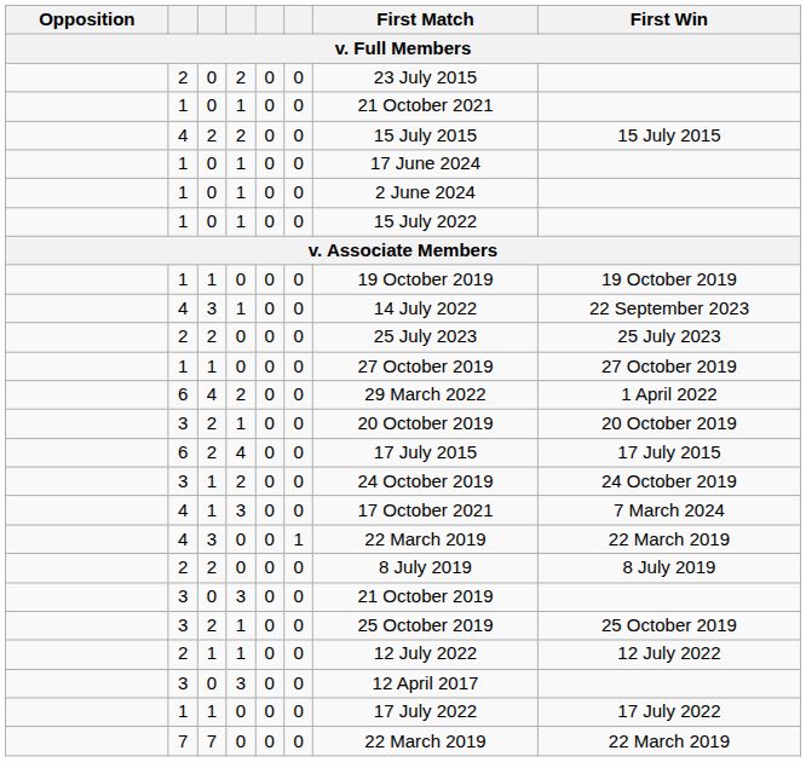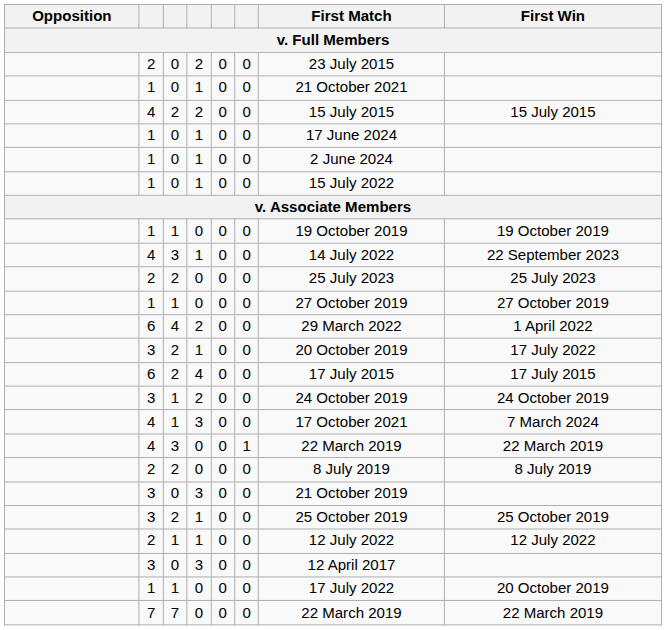 <table class="wikitable plainrowheaders sortable" style="text-align:center; font-size:100%; width: 700px;">
 <tr align="center">
 <th scope="col">Opposition</th>
 <th scope="col"></th>
 <th scope="col"></th>
 <th scope="col"></th>
 <th scope="col"></th>
 <th scope="col"></th>
 <th scope="col" class="unsortable">First Match</th>
 <th scope="col" class="unsortable">First Win</th>
 </tr>
 <tr class="unsortable">
 <th colspan="8" scope="col"><strong>v. Full Members</strong></th>
 </tr>
 <tr align="center">
 <td style="text-align:left;"></td>
 <td>2</td>
 <td>0</td>
 <td>2</td>
 <td>0</td>
 <td>0</td>
 <td>23 July 2015</td>
 <td></td>
 </tr>
 <tr>
 <td style="text-align:left;"></td>
 <td>1</td>
 <td>0</td>
 <td>1</td>
 <td>0</td>
 <td>0</td>
 <td>21 October 2021</td>
 <td></td>
 </tr>
 <tr>
 <td style="text-align:left;"></td>
 <td>4</td>
 <td>2</td>
 <td>2</td>
 <td>0</td>
 <td>0</td>
 <td>15 July 2015</td>
 <td>15 July 2015</td>
 </tr>
 <tr>
 <td style="text-align:left;"></td>
 <td>1</td>
 <td>0</td>
 <td>1</td>
 <td>0</td>
 <td>0</td>
 <td>17 June 2024</td>
 <td></td>
 </tr>
 <tr>
 <td style="text-align:left;"></td>
 <td>1</td>
 <td>0</td>
 <td>1</td>
 <td>0</td>
 <td>0</td>
 <td>2 June 2024</td>
 <td></td>
 </tr>
 <tr>
 <td style="text-align:left;"></td>
 <td>1</td>
 <td>0</td>
 <td>1</td>
 <td>0</td>
 <td>0</td>
 <td>15 July 2022</td>
 <td></td>
 </tr>
 <tr>
 <th colspan="8" scope="col"><strong>v. Associate Members</strong></th>
 </tr>
 <tr align="center">
 <td style="text-align:left;"></td>
 <td>1</td>
 <td>1</td>
 <td>0</td>
 <td>0</td>
 <td>0</td>
 <td>19 October 2019</td>
 <td>19 October 2019</td>
 </tr>
 <tr>
 <td style="text-align:left;"></td>
 <td>4</td>
 <td>3</td>
 <td>1</td>
 <td>0</td>
 <td>0</td>
 <td>14 July 2022</td>
 <td>22 September 2023</td>
 </tr>
 <tr>
 <td style="text-align:left;"></td>
 <td>2</td>
 <td>2</td>
 <td>0</td>
 <td>0</td>
 <td>0</td>
 <td>25 July 2023</td>
 <td>25 July 2023</td>
 </tr>
 <tr>
 <td style="text-align:left;"></td>
 <td>1</td>
 <td>1</td>
 <td>0</td>
 <td>0</td>
 <td>0</td>
 <td>27 October 2019</td>
 <td>27 October 2019</td>
 </tr>
 <tr>
 <td style="text-align:left;"></td>
 <td>6</td>
 <td>4</td>
 <td>2</td>
 <td>0</td>
 <td>0</td>
 <td>29 March 2022</td>
 <td>1 April 2022</td>
 </tr>
 <tr>
 <td style="text-align:left;"></td>
 <td>3</td>
 <td>2</td>
 <td>1</td>
 <td>0</td>
 <td>0</td>
 <td>20 October 2019</td>
-<td>20 October 2019</td>
+<td>17 July 2022</td>
 </tr>
 <tr>
 <td style="text-align:left;"></td>
 <td>6</td>
 <td>2</td>
 <td>4</td>
 <td>0</td>
 <td>0</td>
 <td>17 July 2015</td>
 <td>17 July 2015</td>
 </tr>
 <tr>
 <td style="text-align:left;"></td>
 <td>3</td>
 <td>1</td>
 <td>2</td>
 <td>0</td>
 <td>0</td>
 <td>24 October 2019</td>
 <td>24 October 2019</td>
 </tr>
 <tr>
 <td style="text-align:left;"></td>
 <td>4</td>
 <td>1</td>
 <td>3</td>
 <td>0</td>
 <td>0</td>
 <td>17 October 2021</td>
 <td>7 March 2024</td>
 </tr>
 <tr>
 <td style="text-align:left;"></td>
 <td>4</td>
 <td>3</td>
 <td>0</td>
 <td>0</td>
 <td>1</td>
 <td>22 March 2019</td>
 <td>22 March 2019</td>
 </tr>
 <tr>
 <td style="text-align:left;"></td>
 <td>2</td>
 <td>2</td>
 <td>0</td>
 <td>0</td>
 <td>0</td>
 <td>8 July 2019</td>
 <td>8 July 2019</td>
 </tr>
 <tr>
 <td style="text-align:left;"></td>
 <td>3</td>
 <td>0</td>
 <td>3</td>
 <td>0</td>
 <td>0</td>
 <td>21 October 2019</td>
 <td></td>
 </tr>
 <tr>
 <td style="text-align:left;"></td>
 <td>3</td>
 <td>2</td>
 <td>1</td>
 <td>0</td>
 <td>0</td>
 <td>25 October 2019</td>
 <td>25 October 2019</td>
 </tr>
 <tr>
 <td style="text-align:left;"></td>
 <td>2</td>
 <td>1</td>
 <td>1</td>
 <td>0</td>
 <td>0</td>
 <td>12 July 2022</td>
 <td>12 July 2022</td>
 </tr>
 <tr>
 <td style="text-align:left;"></td>
 <td>3</td>
 <td>0</td>
 <td>3</td>
 <td>0</td>
 <td>0</td>
 <td>12 April 2017</td>
 <td></td>
 </tr>
 <tr>
 <td style="text-align:left;"></td>
 <td>1</td>
 <td>1</td>
 <td>0</td>
 <td>0</td>
 <td>0</td>
 <td>17 July 2022</td>
-<td>17 July 2022</td>
+<td>20 October 2019</td>
 </tr>
 <tr>
 <td style="text-align:left;"></td>
 <td>7</td>
 <td>7</td>
 <td>0</td>
 <td>0</td>
 <td>0</td>
 <td>22 March 2019</td>
 <td>22 March 2019</td>
 </tr>
 </table>
